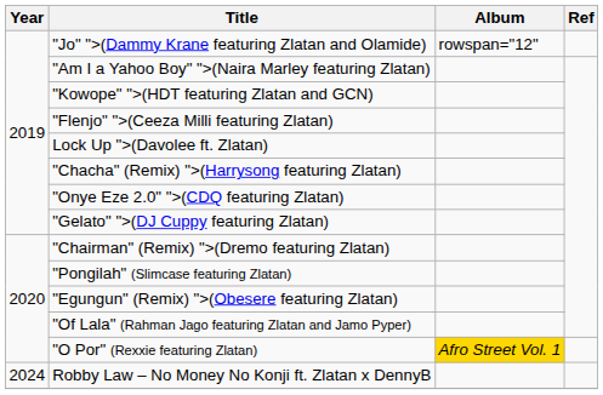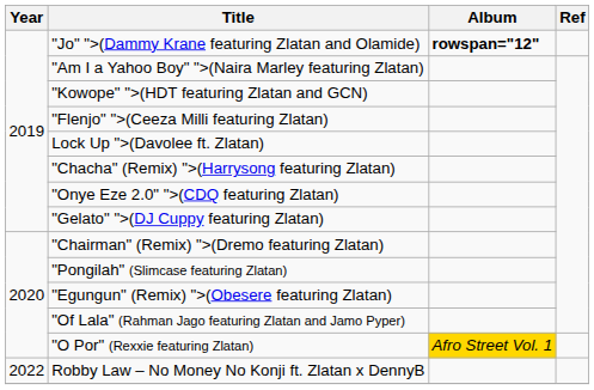 <table class="wikitable sortable">
 <tr>
 <th>Year</th>
 <th>Title</th>
 <th>Album</th>
 <th>Ref</th>
 </tr>
 <tr>
 <td rowspan="8">2019</td>
 <td>"Jo" <span>">(<a href='#'>Dammy Krane</a> featuring Zlatan and Olamide)</span></td>
-<td>rowspan="12" </td>
+<td><strong>rowspan="12" </strong></td>
 <td></td>
 </tr>
 <tr>
 <td>"Am I a Yahoo Boy" <span>">(Naira Marley featuring Zlatan)</span></td>
 <td></td>
 </tr>
 <tr>
 <td>"Kowope" <span>">(HDT featuring Zlatan and GCN)</span></td>
 <td></td>
 </tr>
 <tr>
 <td>"Flenjo" <span>">(Ceeza Milli featuring Zlatan)</span></td>
 <td></td>
 </tr>
 <tr>
 <td>Lock Up <span>">(Davolee ft. Zlatan)</span></td>
 <td></td>
 </tr>
 <tr>
 <td>"Chacha" (Remix) <span>">(<a href='#'>Harrysong</a> featuring Zlatan)</span></td>
 <td></td>
 </tr>
 <tr>
 <td>"Onye Eze 2.0" <span>">(<a href='#'>CDQ</a> featuring Zlatan)</span></td>
 <td></td>
 </tr>
 <tr>
 <td>"Gelato" <span>">(<a href='#'>DJ Cuppy</a> featuring Zlatan)</span></td>
 <td></td>
 </tr>
 <tr>
 <td rowspan="5">2020</td>
 <td>"Chairman" (Remix) <span>">(Dremo featuring Zlatan)</span></td>
 <td></td>
 </tr>
 <tr>
 <td>"Pongilah" <small>(Slimcase featuring Zlatan)</small></td>
 <td></td>
 </tr>
 <tr>
 <td>"Egungun" (Remix) <span>">(<a href='#'>Obesere</a> featuring Zlatan)</span></td>
 <td></td>
 </tr>
 <tr>
 <td>"Of Lala" <small>(Rahman Jago featuring Zlatan and Jamo Pyper)</small></td>
 <td></td>
 </tr>
 <tr>
 <td>"O Por" <small>(Rexxie featuring Zlatan)</small></td>
 <td style="background: gold;"><em>Afro Street Vol. 1</em></td>
 <td></td>
 </tr>
 <tr>
-<td>2024</td>
+<td>2022</td>
 <td>Robby Law – No Money No Konji ft. Zlatan x DennyB</td>
 <td></td>
 <td></td>
 </tr>
 <tr>
 </tr>
 </table>
